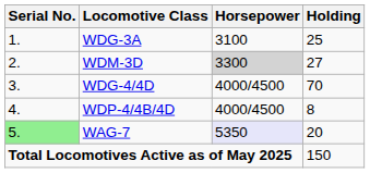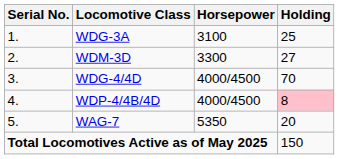 <table class="wikitable">
 <tr>
 <th>Serial No.</th>
 <th>Locomotive Class</th>
 <th>Horsepower</th>
 <th>Holding</th>
 </tr>
 <tr>
 <td>1.</td>
 <td><a href='#'>WDG-3A</a></td>
 <td>3100</td>
 <td>25</td>
 </tr>
 <tr>
 <td>2.</td>
 <td><a href='#'>WDM-3D</a></td>
-<td style="background: lightgrey;">3300</td>
+<td>3300</td>
 <td>27</td>
 </tr>
 <tr>
 <td>3.</td>
 <td><a href='#'>WDG-4/4D</a></td>
 <td>4000/4500</td>
 <td>70</td>
 </tr>
 <tr>
 <td>4.</td>
 <td><a href='#'>WDP-4/4B/4D</a></td>
 <td>4000/4500</td>
-<td>8</td>
+<td style="background: pink;">8</td>
 </tr>
 <tr>
-<td style="background: lightgreen;">5.</td>
+<td>5.</td>
 <td><a href='#'>WAG-7</a></td>
-<td style="background: lavender;">5350</td>
+<td>5350</td>
 <td>20</td>
 </tr>
 <tr>
 <td colspan="3"><strong>Total Locomotives Active as of May 2025</strong></td>
 <td>150</td>
 </tr>
 </table>
